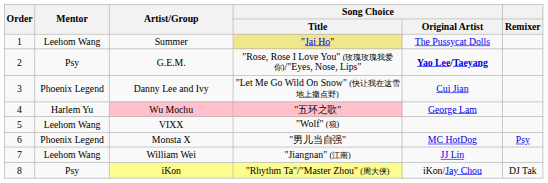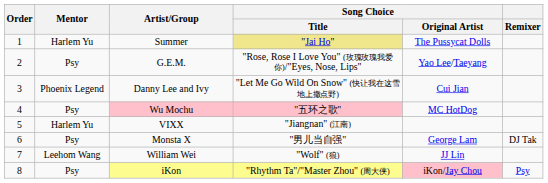 <table class="wikitable" style="text-align:center; line-height:17px; font-size:100%; width:100%;">
 <tr>
 <th scope="col" rowspan="2" width="05%">Order</th>
 <th scope="col" rowspan="2" width="15%">Mentor</th>
 <th scope="col" rowspan="2" width="25%">Artist/Group</th>
 <th scope="col" colspan="2">Song Choice</th>
 <th></th>
 </tr>
 <tr>
 <th scope="col" width="35%">Title</th>
 <th scope="col" width="20%">Original Artist</th>
 <th>Remixer</th>
 </tr>
 <tr>
 <td scope="row">1</td>
-<td scope="row">Leehom Wang</td>
+<td scope="row">Harlem Yu</td>
 <td scope="row">Summer</td>
 <td scope="row" style="background: khaki;">"<a href='#'>Jai Ho</a>"</td>
 <td scope="row"><a href='#'>The Pussycat Dolls</a></td>
 <td></td>
 </tr>
 <tr>
 <td scope="row">2</td>
 <td scope="row">Psy</td>
 <td scope="row">G.E.M.</td>
 <td scope="row">"Rose, Rose I Love You" <small>(玫瑰玫瑰我爱你)</small>/"Eyes, Nose, Lips"</td>
-<td scope="row"><strong><a href='#'>Yao Lee</a>/<a href='#'>Taeyang</a></strong></td>
+<td scope="row"><a href='#'>Yao Lee</a>/<a href='#'>Taeyang</a></td>
 <td></td>
 </tr>
 <tr>
 <td scope="row">3</td>
 <td scope="row">Phoenix Legend</td>
 <td scope="row">Danny Lee and Ivy</td>
 <td scope="row">"Let Me Go Wild On Snow" <small>(快让我在这雪地上撒点野)</small></td>
 <td scope="row"><a href='#'>Cui Jian</a></td>
 <td></td>
 </tr>
 <tr>
 <td scope="row">4</td>
-<td scope="row">Harlem Yu</td>
+<td scope="row">Psy</td>
 <td style="background:pink; scope:row">Wu Mochu</td>
 <td style="background:pink; scope:row">"五环之歌"</td>
-<td scope="row"><a href='#'>George Lam</a></td>
+<td scope="row"><a href='#'>MC HotDog</a></td>
 <td></td>
 </tr>
 <tr>
 <td scope="row">5</td>
-<td scope="row">Leehom Wang</td>
+<td scope="row">Harlem Yu</td>
 <td scope="row">VIXX</td>
-<td scope="row">"Wolf" <small>(狼)</small></td>
+<td scope="row">"Jiangnan" <small>(江南)</small></td>
 <td scope="row"></td>
 <td></td>
 </tr>
 <tr>
 <td scope="row">6</td>
-<td scope="row">Phoenix Legend</td>
+<td scope="row">Psy</td>
 <td scope="row">Monsta X</td>
 <td scope="row">"男儿当自强"</td>
-<td scope="row"><a href='#'>MC HotDog</a></td>
-<td><a href='#'>Psy</a></td>
+<td scope="row"><a href='#'>George Lam</a></td>
+<td>DJ Tak</td>
 </tr>
 <tr>
 <td scope="row">7</td>
 <td scope="row">Leehom Wang</td>
 <td scope="row">William Wei</td>
-<td scope="row">"Jiangnan" <small>(江南)</small></td>
+<td scope="row">"Wolf" <small>(狼)</small></td>
 <td scope="row"><a href='#'>JJ Lin</a></td>
 <td></td>
 </tr>
 <tr>
 <td scope="row">8</td>
 <td scope="row">Psy</td>
 <td style="background:#fdfc8f; scope:row">iKon</td>
 <td style="background:#fdfc8f; scope:row">"Rhythm Ta"/"Master Zhou" <small>(周大侠)</small></td>
-<td scope="row">iKon/<a href='#'>Jay Chou</a></td>
-<td>DJ Tak</td>
+<td scope="row" style="background: pink;">iKon/<a href='#'>Jay Chou</a></td>
+<td><a href='#'>Psy</a></td>
 </tr>
 </table>
